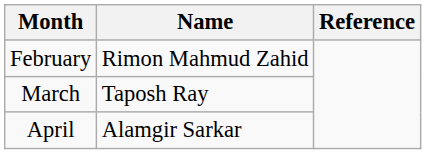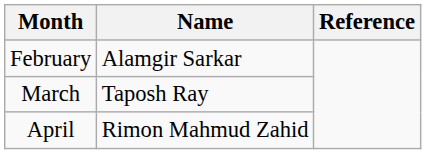 <table class="wikitable" style="text-align:center">
 <tr>
 <th>Month</th>
 <th>Name</th>
 <th><strong>Reference</strong></th>
 </tr>
 <tr>
 <td>February</td>
-<td align="left"> Rimon Mahmud Zahid</td>
+<td align="left"> Alamgir Sarkar</td>
 <td rowspan=3></td>
 </tr>
 <tr>
 <td>March</td>
 <td align="left"> Taposh Ray</td>
 </tr>
 <tr>
 <td>April</td>
-<td align="left"> Alamgir Sarkar</td>
+<td align="left"> Rimon Mahmud Zahid</td>
 </tr>
 </table>
